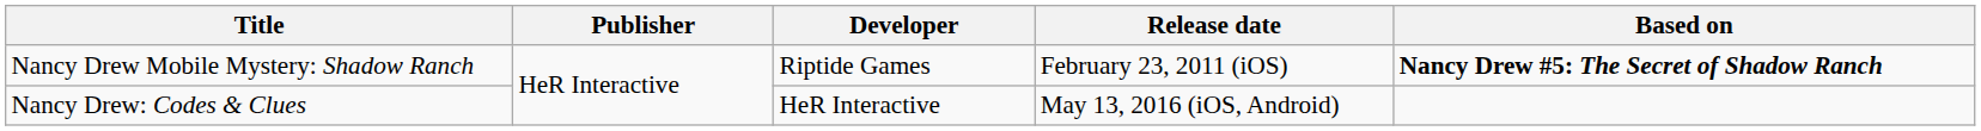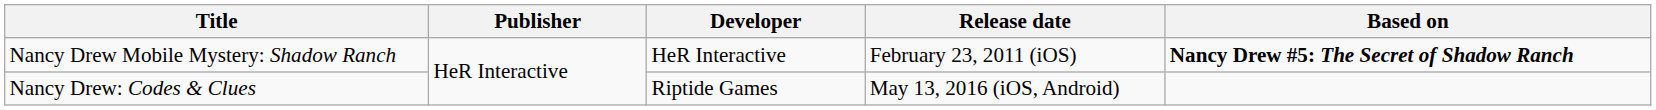 <table class="wikitable">
 <tr>
 <th scope="col" style="width: 20em;">Title</th>
 <th scope="col" style="width: 10em;">Publisher</th>
 <th scope="col" style="width: 10em;">Developer</th>
 <th scope="col" style="width: 14em;">Release date</th>
 <th scope="col" style="width: 23em;">Based on</th>
 </tr>
 <tr>
 <td>Nancy Drew Mobile Mystery: <em>Shadow Ranch</em></td>
 <td rowspan="2">HeR Interactive</td>
-<td>Riptide Games</td>
+<td>HeR Interactive</td>
 <td>February 23, 2011 (iOS)</td>
 <td><strong>Nancy Drew #5: <em>The Secret of Shadow Ranch</em></strong></td>
 </tr>
 <tr>
 <td>Nancy Drew: <em>Codes & Clues</em></td>
-<td>HeR Interactive</td>
+<td>Riptide Games</td>
 <td>May 13, 2016 (iOS, Android)</td>
 <td></td>
 </tr>
 </table>
